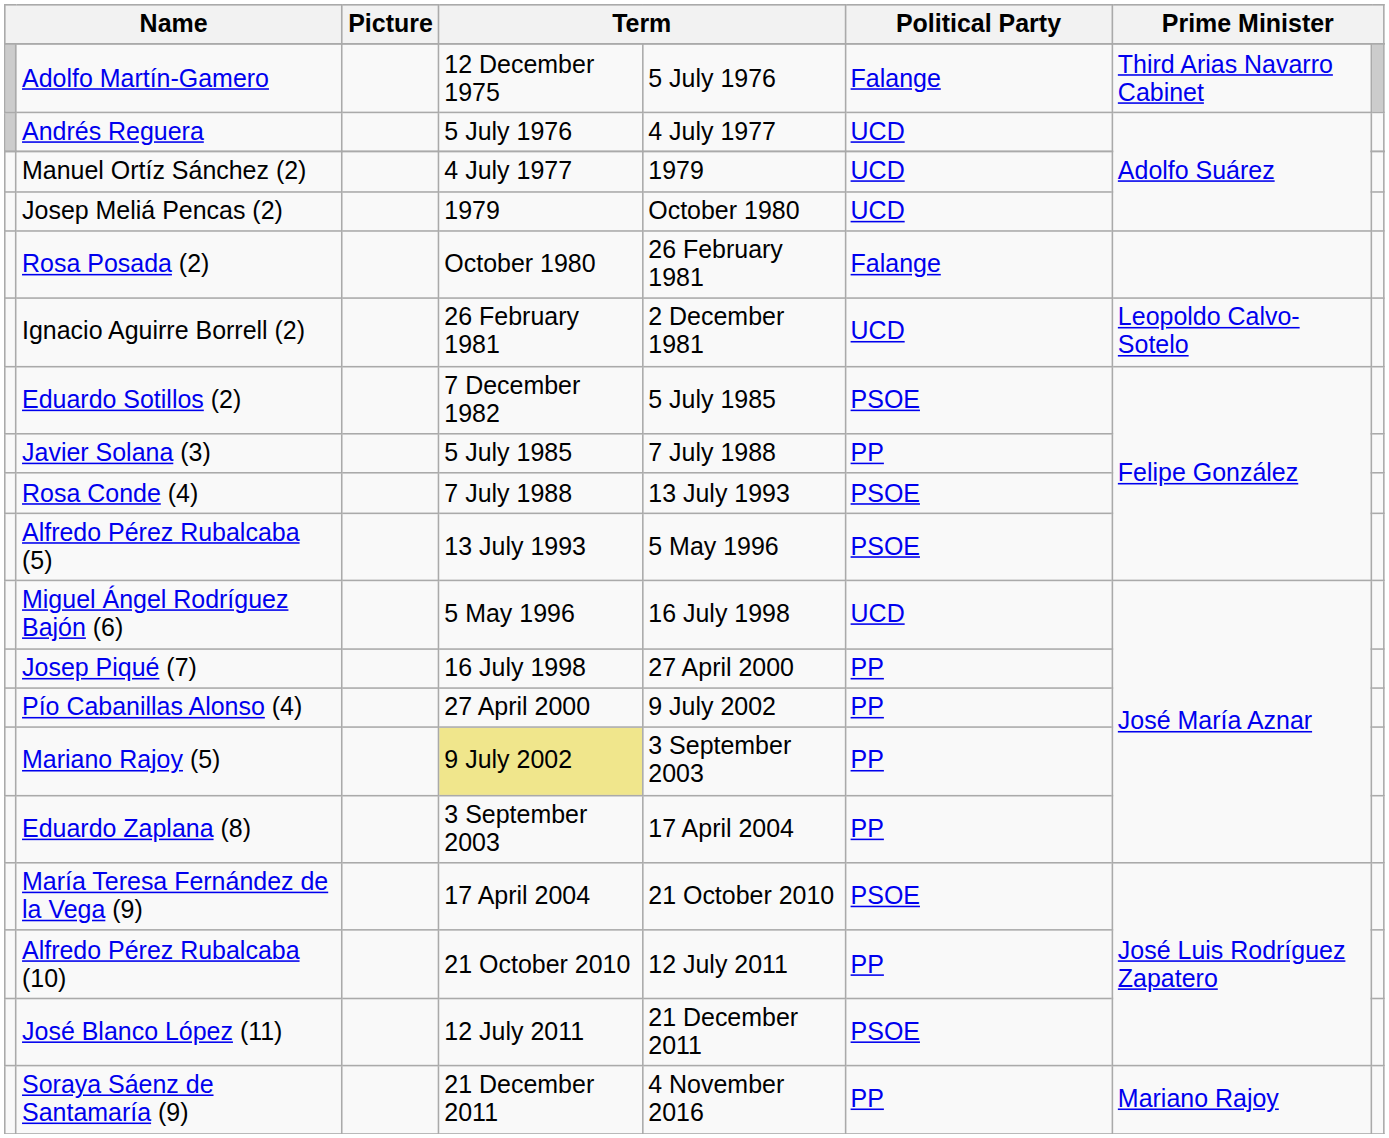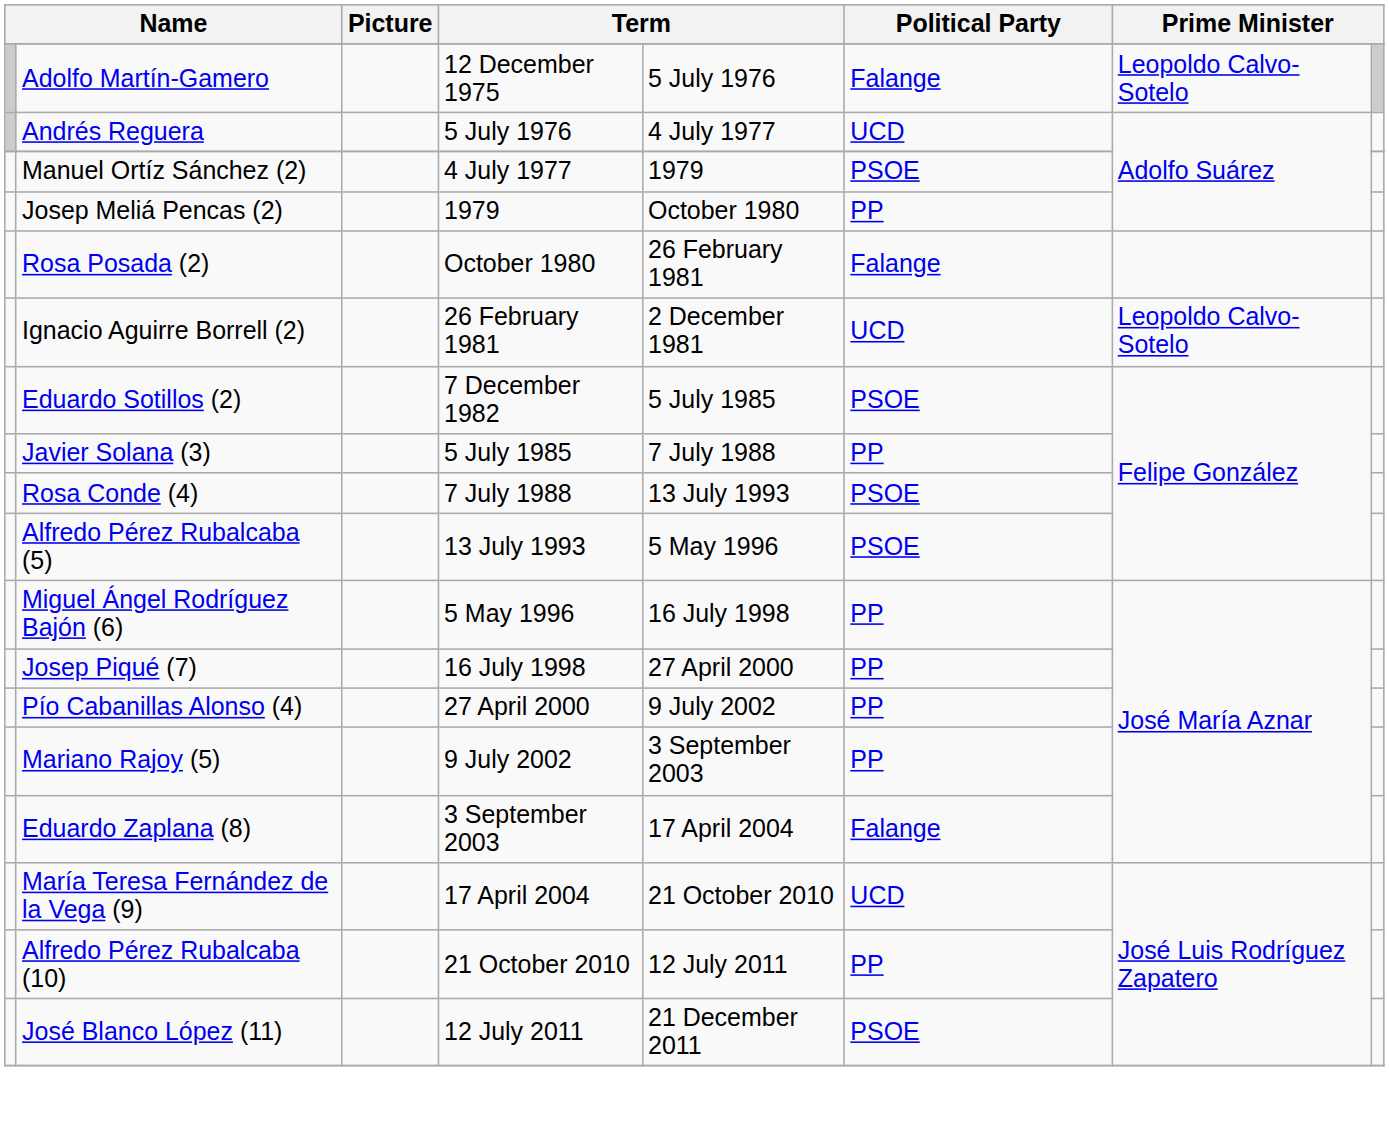 <table class="wikitable" width=70%>
 <tr style="background-color:#cccccc;">
 <th colspan=2 width=25%>Name</th>
 <th width=75>Picture</th>
 <th colspan=2 width=30%>Term</th>
 <th width=20%>Political Party</th>
 <th colspan=2 width=20%>Prime Minister</th>
 </tr>
 <tr style="background-color:#cccccc;">
 </tr>
 <tr>
 <td bgcolor=#CCCCCC></td>
 <td><a href='#'>Adolfo Martín-Gamero</a></td>
 <td></td>
 <td>12 December 1975</td>
 <td>5 July 1976</td>
 <td><a href='#'>Falange</a></td>
-<td><a href='#'>Third Arias Navarro Cabinet</a></td>
+<td><a href='#'>Leopoldo Calvo-Sotelo</a></td>
 <td bgcolor=#CCCCCC></td>
 </tr>
 <tr>
 <td bgcolor=#CCCCCC></td>
 <td><a href='#'>Andrés Reguera</a></td>
 <td></td>
 <td>5 July 1976</td>
 <td>4 July 1977</td>
 <td><a href='#'>UCD</a></td>
 <td rowspan=4><a href='#'>Adolfo Suárez</a></td>
 <td style="background-color: "></td>
 </tr>
 <tr>
 </tr>
 <tr>
 <td style="background-color: "></td>
 <td>Manuel Ortíz Sánchez (2)</td>
 <td></td>
 <td>4 July 1977</td>
 <td>1979</td>
-<td><a href='#'>UCD</a></td>
+<td><a href='#'>PSOE</a></td>
 <td style="background-color: "></td>
 </tr>
 <tr>
 <td style="background-color: "></td>
 <td>Josep Meliá Pencas (2)</td>
 <td></td>
 <td>1979</td>
 <td>October 1980</td>
-<td><a href='#'>UCD</a></td>
+<td><a href='#'>PP</a></td>
 <td style="background-color: "></td>
 </tr>
 <tr>
 <td style="background-color: "></td>
 <td><a href='#'>Rosa Posada</a> (2)</td>
 <td></td>
 <td>October 1980</td>
 <td>26 February 1981</td>
 <td><a href='#'>Falange</a></td>
 <td style="background-color: "></td>
 </tr>
 <tr>
 <td style="background-color: "></td>
 <td>Ignacio Aguirre Borrell (2)</td>
 <td></td>
 <td>26 February 1981</td>
 <td>2 December 1981</td>
 <td><a href='#'>UCD</a></td>
 <td><a href='#'>Leopoldo Calvo-Sotelo</a></td>
 <td style="background-color: "></td>
 </tr>
 <tr>
 <td style="background-color: "></td>
 <td><a href='#'>Eduardo Sotillos</a> (2)</td>
 <td></td>
 <td>7 December 1982</td>
 <td>5 July 1985</td>
 <td><a href='#'>PSOE</a></td>
 <td rowspan=4><a href='#'>Felipe González</a></td>
 <td style="background-color: "></td>
 </tr>
 <tr>
 <td style="background-color: "></td>
 <td><a href='#'>Javier Solana</a> (3)</td>
 <td></td>
 <td>5 July 1985</td>
 <td>7 July 1988</td>
 <td><a href='#'>PP</a></td>
 <td style="background-color: "></td>
 </tr>
 <tr>
 <td style="background-color: "></td>
 <td><a href='#'>Rosa Conde</a> (4)</td>
 <td></td>
 <td>7 July 1988</td>
 <td>13 July 1993</td>
 <td><a href='#'>PSOE</a></td>
 <td style="background-color: "></td>
 </tr>
 <tr>
 <td style="background-color: "></td>
 <td><a href='#'>Alfredo Pérez Rubalcaba</a> (5)</td>
 <td></td>
 <td>13 July 1993</td>
 <td>5 May 1996</td>
 <td><a href='#'>PSOE</a></td>
 <td style="background-color: "></td>
 </tr>
 <tr>
 <td style="background-color: "></td>
 <td><a href='#'>Miguel Ángel Rodríguez Bajón</a> (6)</td>
 <td></td>
 <td>5 May 1996</td>
 <td>16 July 1998</td>
-<td><a href='#'>UCD</a></td>
+<td><a href='#'>PP</a></td>
 <td rowspan=5><a href='#'>José María Aznar</a></td>
 <td style="background-color: "></td>
 </tr>
 <tr>
 <td style="background-color: "></td>
 <td><a href='#'>Josep Piqué</a> (7)</td>
 <td></td>
 <td>16 July 1998</td>
 <td>27 April 2000</td>
 <td><a href='#'>PP</a></td>
 <td style="background-color: "></td>
 </tr>
 <tr>
 <td style="background-color: "></td>
 <td><a href='#'>Pío Cabanillas Alonso</a> (4)</td>
 <td></td>
 <td>27 April 2000</td>
 <td>9 July 2002</td>
 <td><a href='#'>PP</a></td>
 <td style="background-color: "></td>
 </tr>
 <tr>
 <td style="background-color: "></td>
 <td><a href='#'>Mariano Rajoy</a> (5)</td>
 <td></td>
-<td style="background: khaki;">9 July 2002</td>
+<td>9 July 2002</td>
 <td>3 September 2003</td>
 <td><a href='#'>PP</a></td>
 <td style="background-color: "></td>
 </tr>
 <tr>
 <td style="background-color: "></td>
 <td><a href='#'>Eduardo Zaplana</a> (8)</td>
 <td></td>
 <td>3 September 2003</td>
 <td>17 April 2004</td>
-<td><a href='#'>PP</a></td>
+<td><a href='#'>Falange</a></td>
 <td style="background-color: "></td>
 </tr>
 <tr>
 <td style="background-color: "></td>
 <td><a href='#'>María Teresa Fernández de la Vega</a> (9)</td>
 <td></td>
 <td>17 April 2004</td>
 <td>21 October 2010</td>
-<td><a href='#'>PSOE</a></td>
+<td><a href='#'>UCD</a></td>
 <td rowspan=3><a href='#'>José Luis Rodríguez Zapatero</a></td>
 <td style="background-color: "></td>
 </tr>
 <tr>
 <td style="background-color: "></td>
 <td><a href='#'>Alfredo Pérez Rubalcaba</a> (10)</td>
 <td></td>
 <td>21 October 2010</td>
 <td>12 July 2011</td>
 <td><a href='#'>PP</a></td>
 <td style="background-color: "></td>
 </tr>
 <tr>
 <td style="background-color: "></td>
 <td><a href='#'>José Blanco López</a> (11)</td>
 <td></td>
 <td>12 July 2011</td>
 <td>21 December 2011</td>
 <td><a href='#'>PSOE</a></td>
 <td style="background-color: "></td>
 </tr>
 <tr>
-<td style="background-color: "></td>
-<td><a href='#'>Soraya Sáenz de Santamaría</a> (9)</td>
-<td></td>
-<td>21 December 2011</td>
-<td>4 November 2016</td>
-<td><a href='#'>PP</a></td>
-<td><a href='#'>Mariano Rajoy</a></td>
-<td style="background-color: "></td>
-</tr>
-<tr>
 </tr>
 </table>
